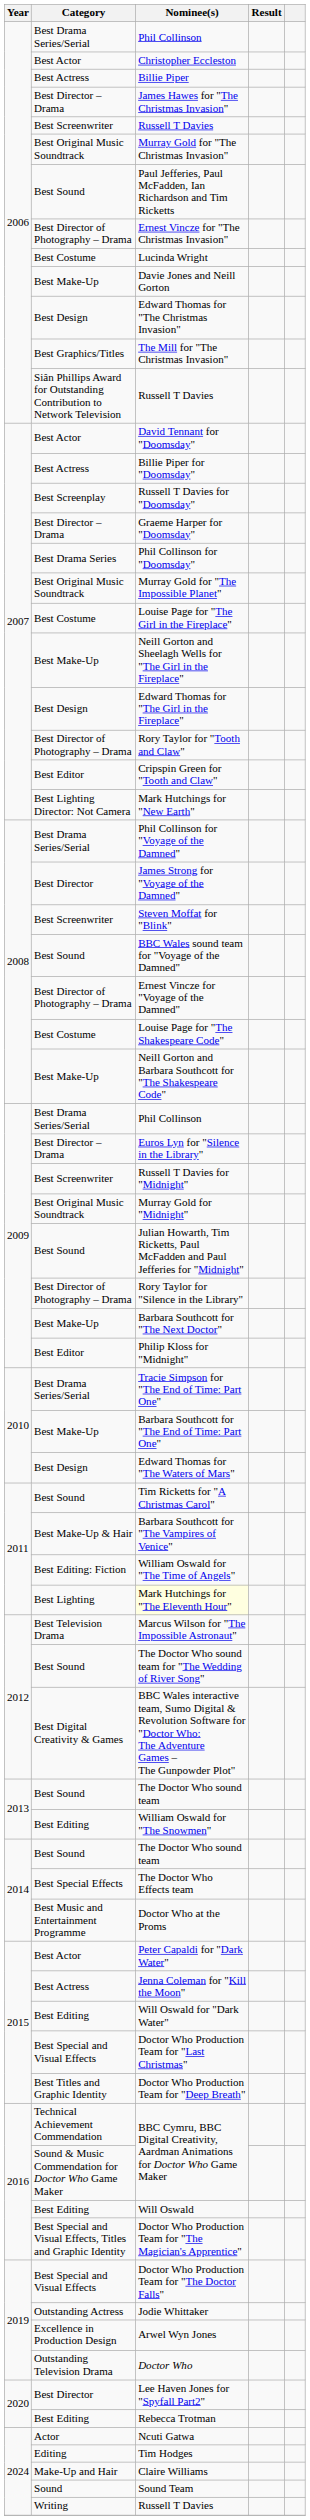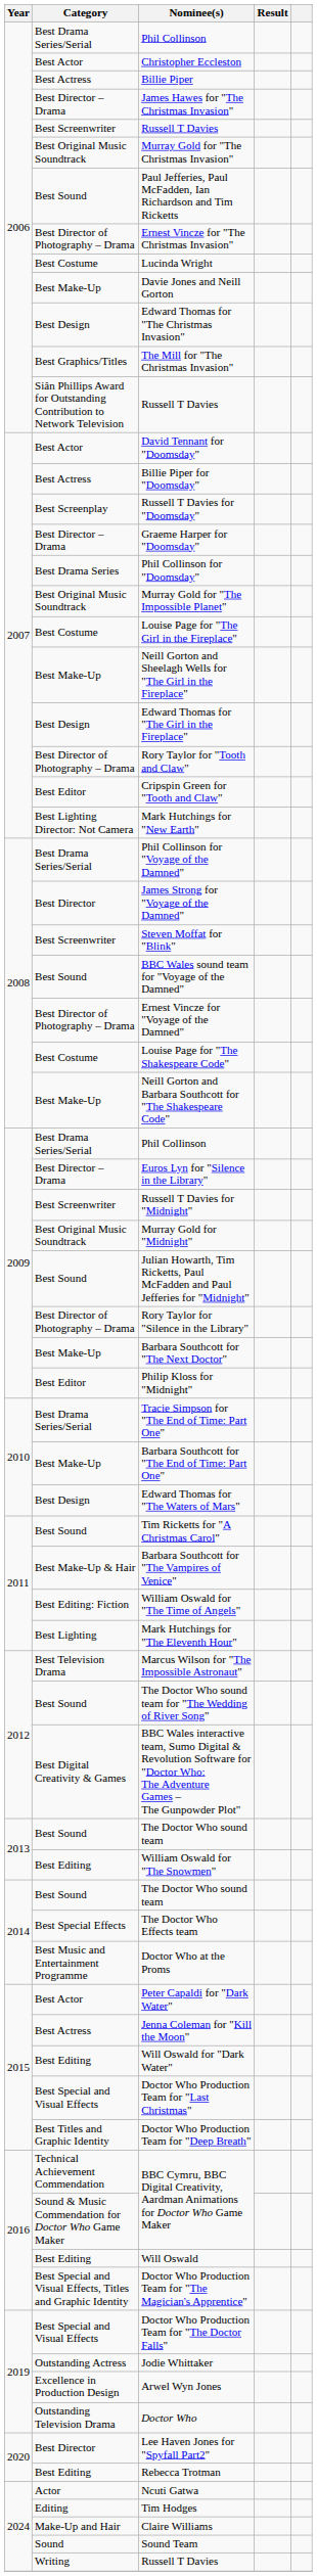 <table class="wikitable" style="width:70%">
 <tr>
 <th style="width:8%">Year</th>
 <th style="width:35%">Category</th>
 <th style="width:38%">Nominee(s)</th>
 <th style="width:12%">Result</th>
 <th style="width:7%"></th>
 </tr>
 <tr>
 <td rowspan="13">2006</td>
 <td>Best Drama Series/Serial</td>
 <td><a href='#'>Phil Collinson</a></td>
 <td></td>
 <td></td>
 </tr>
 <tr>
 <td>Best Actor</td>
 <td><a href='#'>Christopher Eccleston</a></td>
 <td></td>
 <td></td>
 </tr>
 <tr>
 <td>Best Actress</td>
 <td><a href='#'>Billie Piper</a></td>
 <td></td>
 <td></td>
 </tr>
 <tr>
 <td>Best Director – Drama</td>
 <td><a href='#'>James Hawes</a> for "<a href='#'>The Christmas Invasion</a>"</td>
 <td></td>
 <td></td>
 </tr>
 <tr>
 <td>Best Screenwriter</td>
 <td><a href='#'>Russell T Davies</a></td>
 <td></td>
 <td></td>
 </tr>
 <tr>
 <td>Best Original Music Soundtrack</td>
 <td><a href='#'>Murray Gold</a> for "The Christmas Invasion"</td>
 <td></td>
 <td></td>
 </tr>
 <tr>
 <td>Best Sound</td>
 <td>Paul Jefferies, Paul McFadden, Ian Richardson and Tim Ricketts</td>
 <td></td>
 <td></td>
 </tr>
 <tr>
 <td>Best Director of Photography – Drama</td>
 <td><a href='#'>Ernest Vincze</a> for "The Christmas Invasion"</td>
 <td></td>
 <td></td>
 </tr>
 <tr>
 <td>Best Costume</td>
 <td>Lucinda Wright</td>
 <td></td>
 <td></td>
 </tr>
 <tr>
 <td>Best Make-Up</td>
 <td>Davie Jones and Neill Gorton</td>
 <td></td>
 <td></td>
 </tr>
 <tr>
 <td>Best Design</td>
 <td>Edward Thomas for "The Christmas Invasion"</td>
 <td></td>
 <td></td>
 </tr>
 <tr>
 <td>Best Graphics/Titles</td>
 <td><a href='#'>The Mill</a> for "The Christmas Invasion"</td>
 <td></td>
 <td></td>
 </tr>
 <tr>
 <td>Siân Phillips Award for Outstanding Contribution to Network Television</td>
 <td>Russell T Davies</td>
 <td></td>
 <td></td>
 </tr>
 <tr>
 <td rowspan="12">2007</td>
 <td>Best Actor</td>
 <td><a href='#'>David Tennant</a> for "<a href='#'>Doomsday</a>"</td>
 <td></td>
 <td></td>
 </tr>
 <tr>
 <td>Best Actress</td>
 <td>Billie Piper for "<a href='#'>Doomsday</a>"</td>
 <td></td>
 <td></td>
 </tr>
 <tr>
 <td>Best Screenplay</td>
 <td>Russell T Davies for "<a href='#'>Doomsday</a>"</td>
 <td></td>
 <td></td>
 </tr>
 <tr>
 <td>Best Director – Drama</td>
 <td>Graeme Harper for "<a href='#'>Doomsday</a>"</td>
 <td></td>
 <td></td>
 </tr>
 <tr>
 <td>Best Drama Series</td>
 <td>Phil Collinson for "<a href='#'>Doomsday</a>"</td>
 <td></td>
 <td></td>
 </tr>
 <tr>
 <td>Best Original Music Soundtrack</td>
 <td>Murray Gold for "<a href='#'>The Impossible Planet</a>"</td>
 <td></td>
 <td></td>
 </tr>
 <tr>
 <td>Best Costume</td>
 <td>Louise Page for "<a href='#'>The Girl in the Fireplace</a>"</td>
 <td></td>
 <td></td>
 </tr>
 <tr>
 <td>Best Make-Up</td>
 <td>Neill Gorton and Sheelagh Wells for "<a href='#'>The Girl in the Fireplace</a>"</td>
 <td></td>
 <td></td>
 </tr>
 <tr>
 <td>Best Design</td>
 <td>Edward Thomas for "<a href='#'>The Girl in the Fireplace</a>"</td>
 <td></td>
 <td></td>
 </tr>
 <tr>
 <td>Best Director of Photography – Drama</td>
 <td>Rory Taylor for "<a href='#'>Tooth and Claw</a>"</td>
 <td></td>
 <td></td>
 </tr>
 <tr>
 <td>Best Editor</td>
 <td>Cripspin Green for "<a href='#'>Tooth and Claw</a>"</td>
 <td></td>
 <td></td>
 </tr>
 <tr>
 <td>Best Lighting Director: Not Camera</td>
 <td>Mark Hutchings for "<a href='#'>New Earth</a>"</td>
 <td></td>
 <td></td>
 </tr>
 <tr>
 <td rowspan="7">2008</td>
 <td>Best Drama Series/Serial</td>
 <td>Phil Collinson for "<a href='#'>Voyage of the Damned</a>"</td>
 <td></td>
 <td></td>
 </tr>
 <tr>
 <td>Best Director</td>
 <td><a href='#'>James Strong</a> for "<a href='#'>Voyage of the Damned</a>"</td>
 <td></td>
 <td></td>
 </tr>
 <tr>
 <td>Best Screenwriter</td>
 <td><a href='#'>Steven Moffat</a> for "<a href='#'>Blink</a>"</td>
 <td></td>
 <td></td>
 </tr>
 <tr>
 <td>Best Sound</td>
 <td><a href='#'>BBC Wales</a> sound team for "Voyage of the Damned"</td>
 <td></td>
 <td></td>
 </tr>
 <tr>
 <td>Best Director of Photography – Drama</td>
 <td>Ernest Vincze for "Voyage of the Damned"</td>
 <td></td>
 <td></td>
 </tr>
 <tr>
 <td>Best Costume</td>
 <td>Louise Page for "<a href='#'>The Shakespeare Code</a>"</td>
 <td></td>
 <td></td>
 </tr>
 <tr>
 <td>Best Make-Up</td>
 <td>Neill Gorton and Barbara Southcott for "<a href='#'>The Shakespeare Code</a>"</td>
 <td></td>
 <td></td>
 </tr>
 <tr>
 <td rowspan="8">2009</td>
 <td>Best Drama Series/Serial</td>
 <td>Phil Collinson</td>
 <td></td>
 <td></td>
 </tr>
 <tr>
 <td>Best Director – Drama</td>
 <td><a href='#'>Euros Lyn</a> for "<a href='#'>Silence in the Library</a>"</td>
 <td></td>
 <td></td>
 </tr>
 <tr>
 <td>Best Screenwriter</td>
 <td>Russell T Davies for "<a href='#'>Midnight</a>"</td>
 <td></td>
 <td></td>
 </tr>
 <tr>
 <td>Best Original Music Soundtrack</td>
 <td>Murray Gold for "<a href='#'>Midnight</a>"</td>
 <td></td>
 <td></td>
 </tr>
 <tr>
 <td>Best Sound</td>
 <td>Julian Howarth, Tim Ricketts, Paul McFadden and Paul Jefferies for "<a href='#'>Midnight</a>"</td>
 <td></td>
 <td></td>
 </tr>
 <tr>
 <td>Best Director of Photography – Drama</td>
 <td>Rory Taylor for "Silence in the Library"</td>
 <td></td>
 <td></td>
 </tr>
 <tr>
 <td>Best Make-Up</td>
 <td>Barbara Southcott for "<a href='#'>The Next Doctor</a>"</td>
 <td></td>
 <td></td>
 </tr>
 <tr>
 <td>Best Editor</td>
 <td>Philip Kloss for "Midnight"</td>
 <td></td>
 <td></td>
 </tr>
 <tr>
 <td rowspan="3">2010</td>
 <td>Best Drama Series/Serial</td>
 <td><a href='#'>Tracie Simpson</a> for "<a href='#'>The End of Time: Part One</a>"</td>
 <td></td>
 <td></td>
 </tr>
 <tr>
 <td>Best Make-Up</td>
 <td>Barbara Southcott for "<a href='#'>The End of Time: Part One</a>"</td>
 <td></td>
 <td></td>
 </tr>
 <tr>
 <td>Best Design</td>
 <td>Edward Thomas for "<a href='#'>The Waters of Mars</a>"</td>
 <td></td>
 <td></td>
 </tr>
 <tr>
 <td rowspan="4">2011</td>
 <td>Best Sound</td>
 <td>Tim Ricketts for "<a href='#'>A Christmas Carol</a>"</td>
 <td></td>
 <td></td>
 </tr>
 <tr>
 <td>Best Make-Up & Hair</td>
 <td>Barbara Southcott for "<a href='#'>The Vampires of Venice</a>"</td>
 <td></td>
 <td></td>
 </tr>
 <tr>
 <td>Best Editing: Fiction</td>
 <td>William Oswald for "<a href='#'>The Time of Angels</a>"</td>
 <td></td>
 <td></td>
 </tr>
 <tr>
 <td>Best Lighting</td>
-<td style="background: lightyellow;">Mark Hutchings for "<a href='#'>The Eleventh Hour</a>"</td>
+<td>Mark Hutchings for "<a href='#'>The Eleventh Hour</a>"</td>
 <td></td>
 <td></td>
 </tr>
 <tr>
 <td rowspan="3">2012</td>
 <td>Best Television Drama</td>
 <td>Marcus Wilson for "<a href='#'>The Impossible Astronaut</a>"</td>
 <td></td>
 <td></td>
 </tr>
 <tr>
 <td>Best Sound</td>
 <td>The Doctor Who sound team for "<a href='#'>The Wedding of River Song</a>"</td>
 <td></td>
 <td></td>
 </tr>
 <tr>
 <td>Best Digital Creativity & Games</td>
 <td>BBC Wales interactive team, Sumo Digital & Revolution Software for "<a href='#'>Doctor&nbsp;Who: The&nbsp;Adventure Games</a> – The Gunpowder Plot"</td>
 <td></td>
 <td></td>
 </tr>
 <tr>
 <td rowspan="2">2013</td>
 <td>Best Sound</td>
 <td>The Doctor Who sound team</td>
 <td></td>
 <td></td>
 </tr>
 <tr>
 <td>Best Editing</td>
 <td>William Oswald for "<a href='#'>The Snowmen</a>"</td>
 <td></td>
 <td></td>
 </tr>
 <tr>
 <td rowspan="3">2014</td>
 <td>Best Sound</td>
 <td>The Doctor Who sound team</td>
 <td></td>
 <td></td>
 </tr>
 <tr>
 <td>Best Special Effects</td>
 <td>The Doctor Who Effects team</td>
 <td></td>
 <td></td>
 </tr>
 <tr>
 <td>Best Music and Entertainment Programme</td>
 <td>Doctor Who at the Proms</td>
 <td></td>
 <td></td>
 </tr>
 <tr>
 <td rowspan="5">2015</td>
 <td>Best Actor</td>
 <td><a href='#'>Peter Capaldi</a> for "<a href='#'>Dark Water</a>"</td>
 <td></td>
 <td></td>
 </tr>
 <tr>
 <td>Best Actress</td>
 <td><a href='#'>Jenna Coleman</a> for "<a href='#'>Kill the Moon</a>"</td>
 <td></td>
 <td></td>
 </tr>
 <tr>
 <td>Best Editing</td>
 <td>Will Oswald for "Dark Water"</td>
 <td></td>
 <td></td>
 </tr>
 <tr>
 <td>Best Special and Visual Effects</td>
 <td>Doctor Who Production Team for "<a href='#'>Last Christmas</a>"</td>
 <td></td>
 <td></td>
 </tr>
 <tr>
 <td>Best Titles and Graphic Identity</td>
 <td>Doctor Who Production Team for "<a href='#'>Deep Breath</a>"</td>
 <td></td>
 <td></td>
 </tr>
 <tr>
 <td rowspan="4">2016</td>
 <td>Technical Achievement Commendation</td>
 <td rowspan="2">BBC Cymru, BBC Digital Creativity, Aardman Animations for <em>Doctor Who</em> Game Maker</td>
 <td></td>
 <td></td>
 </tr>
 <tr>
 <td>Sound & Music Commendation for <em>Doctor Who</em> Game Maker</td>
 <td></td>
 <td></td>
 </tr>
 <tr>
 <td>Best Editing</td>
 <td>Will Oswald</td>
 <td></td>
 <td></td>
 </tr>
 <tr>
 <td>Best Special and Visual Effects, Titles and Graphic Identity</td>
 <td>Doctor Who Production Team for "<a href='#'>The Magician's Apprentice</a>"</td>
 <td></td>
 <td></td>
 </tr>
 <tr>
 <td rowspan="4">2019</td>
 <td>Best Special and Visual Effects</td>
 <td>Doctor Who Production Team for "<a href='#'>The Doctor Falls</a>"</td>
 <td></td>
 <td></td>
 </tr>
 <tr>
 <td>Outstanding Actress</td>
 <td>Jodie Whittaker</td>
 <td></td>
 <td></td>
 </tr>
 <tr>
 <td>Excellence in Production Design</td>
 <td>Arwel Wyn Jones</td>
 <td></td>
 <td></td>
 </tr>
 <tr>
 <td>Outstanding Television Drama</td>
 <td><em>Doctor Who</em></td>
 <td></td>
 <td></td>
 </tr>
 <tr>
 <td rowspan="2">2020</td>
 <td>Best Director</td>
 <td>Lee Haven Jones for "<a href='#'>Spyfall Part2</a>"</td>
 <td></td>
 <td></td>
 </tr>
 <tr>
 <td>Best Editing</td>
 <td>Rebecca Trotman</td>
 <td></td>
 <td></td>
 </tr>
 <tr>
 <td rowspan="5">2024</td>
 <td>Actor</td>
 <td>Ncuti Gatwa</td>
 <td></td>
 <td></td>
 </tr>
 <tr>
 <td>Editing</td>
 <td>Tim Hodges</td>
 <td></td>
 <td></td>
 </tr>
 <tr>
 <td>Make-Up and Hair</td>
 <td>Claire Williams</td>
 <td></td>
 <td></td>
 </tr>
 <tr>
 <td>Sound</td>
 <td>Sound Team</td>
 <td></td>
 <td></td>
 </tr>
 <tr>
 <td>Writing</td>
 <td>Russell T Davies</td>
 <td></td>
 <td></td>
 </tr>
 <tr>
 </tr>
 </table>
